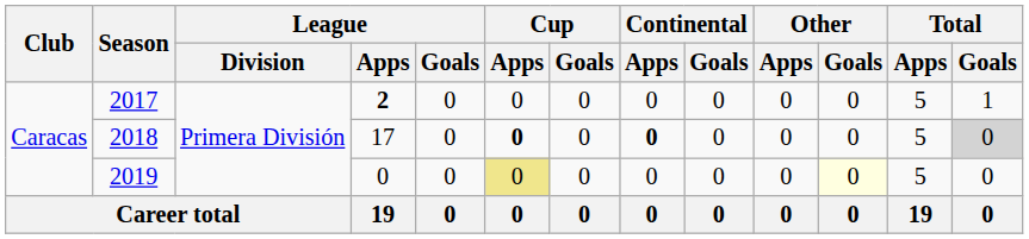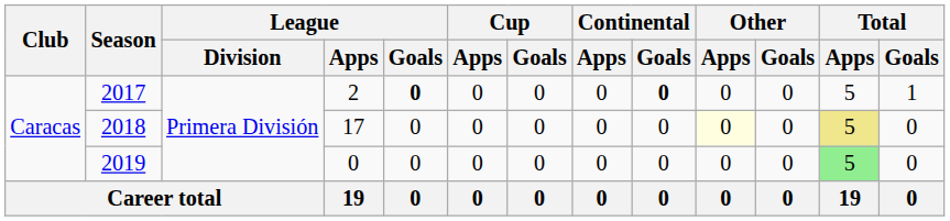 <table class="wikitable" style="text-align: center">
 <tr>
 <th rowspan="2">Club</th>
 <th rowspan="2">Season</th>
 <th colspan="3">League</th>
 <th colspan="2">Cup</th>
 <th colspan="2">Continental</th>
 <th colspan="2">Other</th>
 <th colspan="2">Total</th>
 </tr>
 <tr>
 <th>Division</th>
 <th>Apps</th>
 <th>Goals</th>
 <th>Apps</th>
 <th>Goals</th>
 <th>Apps</th>
 <th>Goals</th>
 <th>Apps</th>
 <th>Goals</th>
 <th>Apps</th>
 <th>Goals</th>
 </tr>
 <tr>
 <td rowspan="3"><a href='#'>Caracas</a></td>
 <td><a href='#'>2017</a></td>
 <td rowspan="3"><a href='#'>Primera División</a></td>
-<td><strong>2</strong></td>
+<td>2</td>
+<td><strong>0</strong></td>
 <td>0</td>
 <td>0</td>
 <td>0</td>
-<td>0</td>
-<td>0</td>
+<td><strong>0</strong></td>
 <td>0</td>
 <td>0</td>
 <td>5</td>
 <td>1</td>
 </tr>
 <tr>
 <td><a href='#'>2018</a></td>
 <td>17</td>
 <td>0</td>
-<td><strong>0</strong></td>
-<td>0</td>
-<td><strong>0</strong></td>
 <td>0</td>
 <td>0</td>
 <td>0</td>
-<td>5</td>
-<td style="background: lightgrey;">0</td>
+<td>0</td>
+<td style="background: lightyellow;">0</td>
+<td>0</td>
+<td style="background: khaki;">5</td>
+<td>0</td>
 </tr>
 <tr>
 <td><a href='#'>2019</a></td>
 <td>0</td>
 <td>0</td>
-<td style="background: khaki;">0</td>
 <td>0</td>
 <td>0</td>
 <td>0</td>
 <td>0</td>
-<td style="background: lightyellow;">0</td>
-<td>5</td>
+<td>0</td>
+<td>0</td>
+<td style="background: lightgreen;">5</td>
 <td>0</td>
 </tr>
 <tr>
 <th colspan="3"><strong>Career total</strong></th>
 <th>19</th>
 <th>0</th>
 <th>0</th>
 <th>0</th>
 <th>0</th>
 <th>0</th>
 <th>0</th>
 <th>0</th>
 <th>19</th>
 <th>0</th>
 </tr>
 </table>
